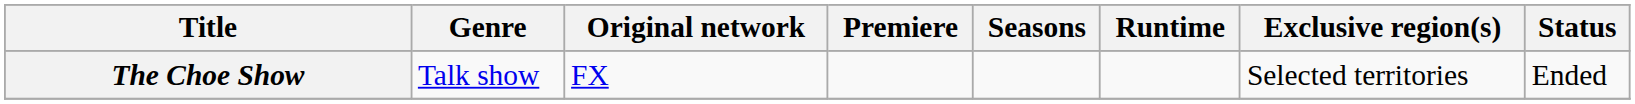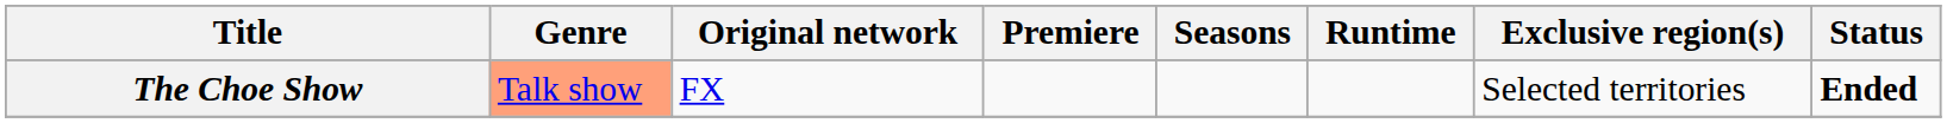 <table class="wikitable plainrowheaders sortable" style="width:100%;">
 <tr>
 <th style="width:25%;">Title</th>
 <th>Genre</th>
 <th>Original network</th>
 <th>Premiere</th>
 <th>Seasons</th>
 <th>Runtime</th>
 <th>Exclusive region(s)</th>
 <th>Status</th>
 </tr>
 <tr>
 <th scope="row"><em>The Choe Show</em></th>
-<td><a href='#'>Talk show</a></td>
+<td style="background: lightsalmon;"><a href='#'>Talk show</a></td>
 <td><a href='#'>FX</a></td>
 <td></td>
 <td></td>
 <td></td>
 <td>Selected territories</td>
-<td>Ended</td>
+<td><strong>Ended</strong></td>
 </tr>
 <tr>
 </tr>
 </table>
